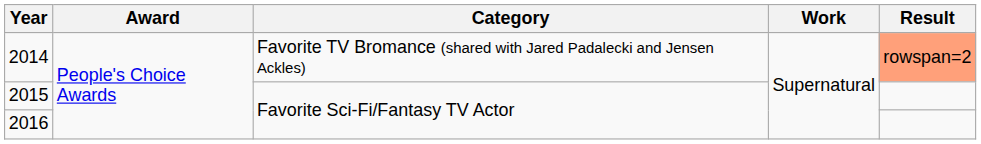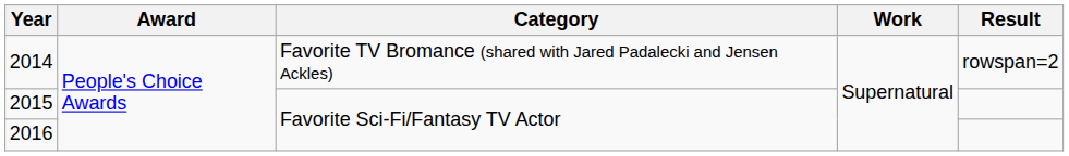 <table class="wikitable">
 <tr>
 <th>Year</th>
 <th>Award</th>
 <th>Category</th>
 <th>Work</th>
 <th>Result</th>
 </tr>
 <tr>
 <td>2014</td>
 <td rowspan=3><a href='#'>People's Choice Awards</a></td>
 <td>Favorite TV Bromance <small>(shared with Jared Padalecki and Jensen Ackles)</small></td>
 <td rowspan=3>Supernatural</td>
-<td style="background: lightsalmon;">rowspan=2 </td>
+<td>rowspan=2 </td>
 </tr>
 <tr>
 <td>2015</td>
 <td rowspan=2>Favorite Sci-Fi/Fantasy TV Actor</td>
 </tr>
 <tr>
 <td>2016</td>
 <td></td>
 </tr>
 </table>
